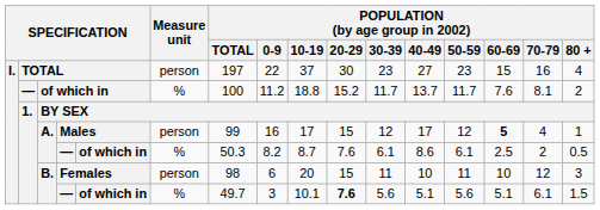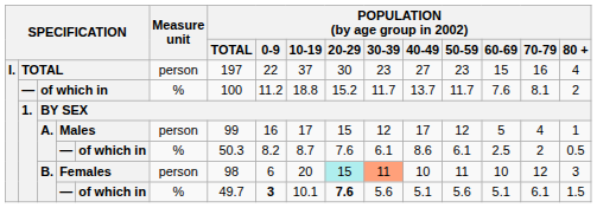 <table class="wikitable" style="font-size:85%; text-align:center">
 <tr>
 <th rowspan="2" colspan="5">SPECIFICATION</th>
 <th rowspan="2">Measure<br> unit</th>
 <th colspan="10" rowspan="1">POPULATION<br> (by age group in 2002)</th>
 </tr>
 <tr>
 <th>TOTAL</th>
 <th>0-9</th>
 <th>10-19</th>
 <th>20-29</th>
 <th>30-39</th>
 <th>40-49</th>
 <th>50-59</th>
 <th>60-69</th>
 <th>70-79</th>
 <th>80 +</th>
 </tr>
 <tr>
 <th style="text-align:left" valign="top" rowspan="7">I.</th>
 <th style="text-align:left" colspan="4">TOTAL</th>
 <td>person</td>
 <td>197</td>
 <td>22</td>
 <td>37</td>
 <td>30</td>
 <td>23</td>
 <td>27</td>
 <td>23</td>
 <td>15</td>
 <td>16</td>
 <td>4</td>
 </tr>
 <tr>
 <th style="text-align:left" valign="top">—</th>
 <th style="text-align:left" colspan="3">of which in</th>
 <td>%</td>
 <td>100</td>
 <td>11.2</td>
 <td>18.8</td>
 <td>15.2</td>
 <td>11.7</td>
 <td>13.7</td>
 <td>11.7</td>
 <td>7.6</td>
 <td>8.1</td>
 <td>2</td>
 </tr>
 <tr>
 <th style="text-align:left" valign="top" rowspan="5">1.</th>
 <th style="text-align:left" colspan="14">BY SEX</th>
 </tr>
 <tr>
 <th style="text-align:left" valign="top" rowspan="2">A.</th>
 <th style="text-align:left" colspan="2">Males</th>
 <td>person</td>
 <td>99</td>
 <td>16</td>
 <td>17</td>
 <td>15</td>
 <td>12</td>
 <td>17</td>
 <td>12</td>
-<td><strong>5</strong></td>
+<td>5</td>
 <td>4</td>
 <td>1</td>
 </tr>
 <tr>
 <th style="text-align:left" valign="top">—</th>
 <th style="text-align:left" colspan="1">of which in</th>
 <td>%</td>
 <td>50.3</td>
 <td>8.2</td>
 <td>8.7</td>
 <td>7.6</td>
 <td>6.1</td>
 <td>8.6</td>
 <td>6.1</td>
 <td>2.5</td>
 <td>2</td>
 <td>0.5</td>
 </tr>
 <tr>
 <th style="text-align:left" valign="top" rowspan="2">B.</th>
 <th style="text-align:left" colspan="2">Females</th>
 <td>person</td>
 <td>98</td>
 <td>6</td>
 <td>20</td>
-<td>15</td>
-<td>11</td>
+<td style="background: paleturquoise;">15</td>
+<td style="background: lightsalmon;">11</td>
 <td>10</td>
 <td>11</td>
 <td>10</td>
 <td>12</td>
 <td>3</td>
 </tr>
 <tr>
 <th style="text-align:left" valign="top">—</th>
 <th style="text-align:left" colspan="1">of which in</th>
 <td>%</td>
 <td>49.7</td>
-<td>3</td>
+<td><strong>3</strong></td>
 <td>10.1</td>
 <td><strong>7.6</strong></td>
 <td>5.6</td>
 <td>5.1</td>
 <td>5.6</td>
 <td>5.1</td>
 <td>6.1</td>
 <td>1.5</td>
 </tr>
 </table>
